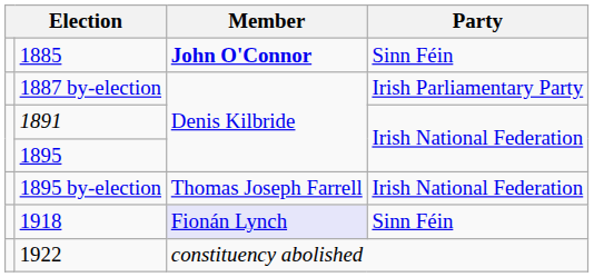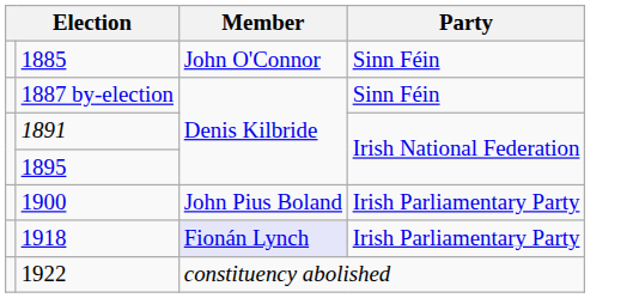 <table class="wikitable">
 <tr>
 <th colspan="2">Election</th>
 <th>Member</th>
 <th>Party</th>
 </tr>
 <tr>
 <td style="background-color: "></td>
 <td><a href='#'>1885</a></td>
-<td><strong><a href='#'>John O'Connor</a></strong></td>
+<td><a href='#'>John O'Connor</a></td>
 <td><a href='#'>Sinn Féin</a></td>
 </tr>
 <tr>
 <td style="background-color: "></td>
 <td><a href='#'>1887 by-election</a></td>
 <td rowspan="3"><a href='#'>Denis Kilbride</a></td>
-<td><a href='#'>Irish Parliamentary Party</a></td>
+<td><a href='#'>Sinn Féin</a></td>
 </tr>
 <tr>
 <td rowspan="2" style="background-color: "></td>
 <td><em>1891</em></td>
 <td rowspan="2"><a href='#'>Irish National Federation</a></td>
 </tr>
 <tr>
 <td><a href='#'>1895</a></td>
 </tr>
 <tr>
 <td style="background-color: "></td>
-<td><a href='#'>1895 by-election</a></td>
-<td><a href='#'>Thomas Joseph Farrell</a></td>
-<td><a href='#'>Irish National Federation</a></td>
+<td><a href='#'>1900</a></td>
+<td><a href='#'>John Pius Boland</a></td>
+<td><a href='#'>Irish Parliamentary Party</a></td>
 </tr>
 <tr>
 <td style="background-color: "></td>
 <td><a href='#'>1918</a></td>
 <td style="background: lavender;"><a href='#'>Fionán Lynch</a></td>
-<td><a href='#'>Sinn Féin</a></td>
+<td><a href='#'>Irish Parliamentary Party</a></td>
 </tr>
 <tr>
 <td></td>
 <td>1922</td>
 <td colspan="2"><em>constituency abolished</em></td>
 </tr>
 </table>
